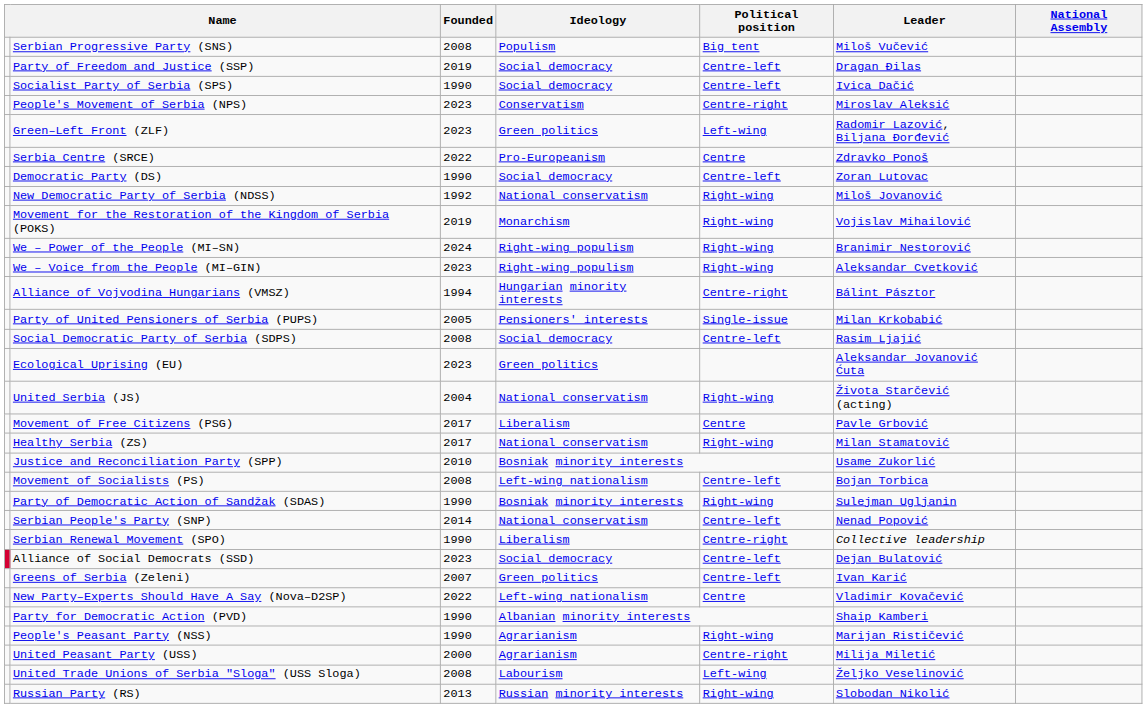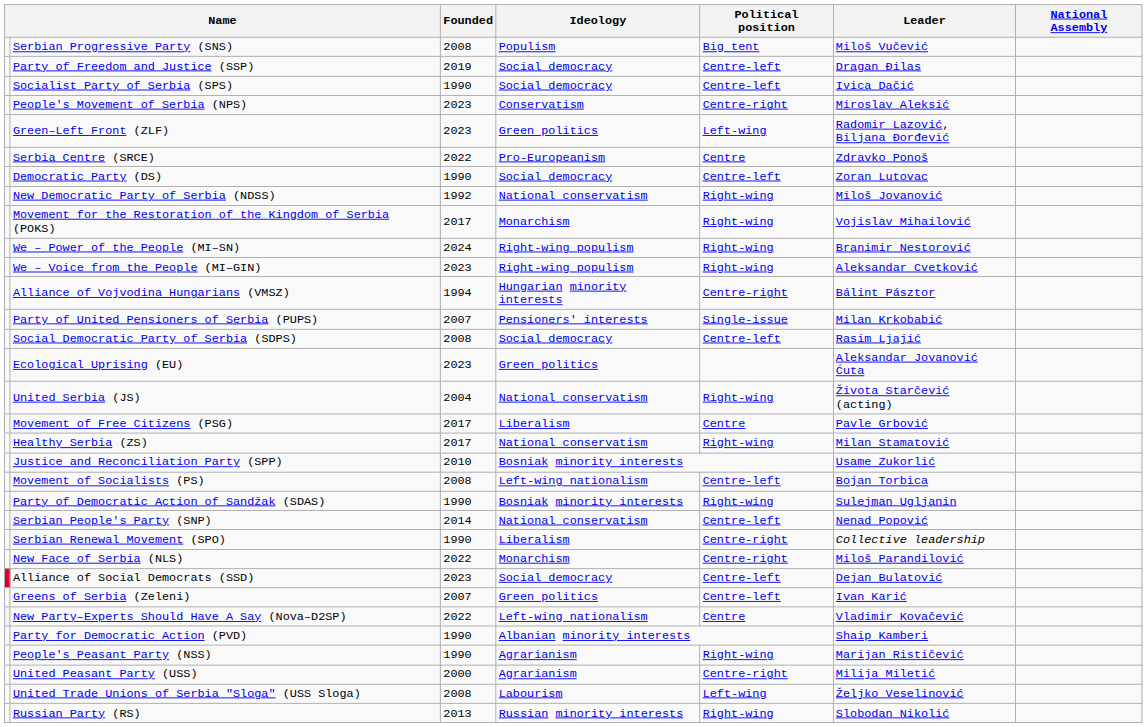 <table class="wikitable" style="text-align:left">
 <tr>
 <th colspan="2">Name</th>
 <th>Founded</th>
 <th>Ideology</th>
 <th>Political position</th>
 <th>Leader</th>
 <th><a href='#'>National Assembly</a></th>
 </tr>
 <tr>
 <td style="background:"></td>
 <td><a href='#'>Serbian Progressive Party</a> (SNS)</td>
 <td>2008</td>
 <td><a href='#'>Populism</a></td>
 <td><a href='#'>Big tent</a></td>
 <td><a href='#'>Miloš Vučević</a></td>
 <td></td>
 </tr>
 <tr>
 <td style="background:"></td>
 <td><a href='#'>Party of Freedom and Justice</a> (SSP)</td>
 <td>2019</td>
 <td><a href='#'>Social democracy</a></td>
 <td><a href='#'>Centre-left</a></td>
 <td><a href='#'>Dragan Đilas</a></td>
 <td></td>
 </tr>
 <tr>
 <td style="background:"></td>
 <td><a href='#'>Socialist Party of Serbia</a> (SPS)</td>
 <td>1990</td>
 <td><a href='#'>Social democracy</a></td>
 <td><a href='#'>Centre-left</a></td>
 <td><a href='#'>Ivica Dačić</a></td>
 <td></td>
 </tr>
 <tr>
 <td style="background:"></td>
 <td><a href='#'>People's Movement of Serbia</a> (NPS)</td>
 <td>2023</td>
 <td><a href='#'>Conservatism</a></td>
 <td><a href='#'>Centre-right</a></td>
 <td><a href='#'>Miroslav Aleksić</a></td>
 <td></td>
 </tr>
 <tr>
 <td style="background:"></td>
 <td><a href='#'>Green–Left Front</a> (ZLF)</td>
 <td>2023</td>
 <td><a href='#'>Green politics</a></td>
 <td><a href='#'>Left-wing</a></td>
 <td><a href='#'>Radomir Lazović</a>,<br><a href='#'>Biljana Đorđević</a></td>
 <td></td>
 </tr>
 <tr>
 <td style="background:"></td>
 <td><a href='#'>Serbia Centre</a> (SRCE)</td>
 <td>2022</td>
 <td><a href='#'>Pro-Europeanism</a></td>
 <td><a href='#'>Centre</a></td>
 <td><a href='#'>Zdravko Ponoš</a></td>
 <td></td>
 </tr>
 <tr>
 <td style="background:"></td>
 <td><a href='#'>Democratic Party</a> (DS)</td>
 <td>1990</td>
 <td><a href='#'>Social democracy</a></td>
 <td><a href='#'>Centre-left</a></td>
 <td><a href='#'>Zoran Lutovac</a></td>
 <td></td>
 </tr>
 <tr>
 <td style="background:"></td>
 <td><a href='#'>New Democratic Party of Serbia</a> (NDSS)</td>
 <td>1992</td>
 <td><a href='#'>National conservatism</a></td>
 <td><a href='#'>Right-wing</a></td>
 <td><a href='#'>Miloš Jovanović</a></td>
 <td></td>
 </tr>
 <tr>
 <td style="background:"></td>
 <td><a href='#'>Movement for the Restoration of the Kingdom of Serbia</a> (POKS)</td>
-<td>2019</td>
+<td>2017</td>
 <td><a href='#'>Monarchism</a></td>
 <td><a href='#'>Right-wing</a></td>
 <td><a href='#'>Vojislav Mihailović</a></td>
 <td></td>
 </tr>
 <tr>
 <td style="background:"></td>
 <td><a href='#'>We – Power of the People</a> (MI–SN)</td>
 <td>2024</td>
 <td><a href='#'>Right-wing populism</a></td>
 <td><a href='#'>Right-wing</a></td>
 <td><a href='#'>Branimir Nestorović</a></td>
 <td></td>
 </tr>
 <tr>
 <td style="background:"></td>
 <td><a href='#'>We – Voice from the People</a> (MI–GIN)</td>
 <td>2023</td>
 <td><a href='#'>Right-wing populism</a></td>
 <td><a href='#'>Right-wing</a></td>
 <td><a href='#'>Aleksandar Cvetković</a></td>
 <td></td>
 </tr>
 <tr>
 <td style="background:"></td>
 <td><a href='#'>Alliance of Vojvodina Hungarians</a> (VMSZ)</td>
 <td>1994</td>
 <td><a href='#'>Hungarian</a> <a href='#'>minority interests</a></td>
 <td><a href='#'>Centre-right</a></td>
 <td><a href='#'>Bálint Pásztor</a></td>
 <td></td>
 </tr>
 <tr>
 <td style="background:"></td>
 <td><a href='#'>Party of United Pensioners of Serbia</a> (PUPS)</td>
-<td>2005</td>
+<td>2007</td>
 <td><a href='#'>Pensioners' interests</a></td>
 <td><a href='#'>Single-issue</a></td>
 <td><a href='#'>Milan Krkobabić</a></td>
 <td></td>
 </tr>
 <tr>
 <td style="background:"></td>
 <td><a href='#'>Social Democratic Party of Serbia</a> (SDPS)</td>
 <td>2008</td>
 <td><a href='#'>Social democracy</a></td>
 <td><a href='#'>Centre-left</a></td>
 <td><a href='#'>Rasim Ljajić</a></td>
 <td></td>
 </tr>
 <tr>
 <td style="background:"></td>
 <td><a href='#'>Ecological Uprising</a> (EU)</td>
 <td>2023</td>
 <td><a href='#'>Green politics</a></td>
 <td></td>
 <td><a href='#'>Aleksandar Jovanović Ćuta</a></td>
 <td></td>
 </tr>
 <tr>
 <td style="background:"></td>
 <td><a href='#'>United Serbia</a> (JS)</td>
 <td>2004</td>
 <td><a href='#'>National conservatism</a></td>
 <td><a href='#'>Right-wing</a></td>
 <td><a href='#'>Života Starčević</a> (acting)</td>
 <td></td>
 </tr>
 <tr>
 <td style="background:"></td>
 <td><a href='#'>Movement of Free Citizens</a> (PSG)</td>
 <td>2017</td>
 <td><a href='#'>Liberalism</a></td>
 <td><a href='#'>Centre</a></td>
 <td><a href='#'>Pavle Grbović</a></td>
 <td></td>
 </tr>
 <tr>
 <td style="background:"></td>
 <td><a href='#'>Healthy Serbia</a> (ZS)</td>
 <td>2017</td>
 <td><a href='#'>National conservatism</a></td>
 <td><a href='#'>Right-wing</a></td>
 <td><a href='#'>Milan Stamatović</a></td>
 <td></td>
 </tr>
 <tr>
 <td style="background:"></td>
 <td><a href='#'>Justice and Reconciliation Party</a> (SPP)</td>
 <td>2010</td>
 <td colspan="2"><a href='#'>Bosniak</a> <a href='#'>minority interests</a></td>
 <td><a href='#'>Usame Zukorlić</a></td>
 <td></td>
 </tr>
 <tr>
 <td style="background:"></td>
 <td><a href='#'>Movement of Socialists</a> (PS)</td>
 <td>2008</td>
 <td><a href='#'>Left-wing nationalism</a></td>
 <td><a href='#'>Centre-left</a></td>
 <td><a href='#'>Bojan Torbica</a></td>
 <td></td>
 </tr>
 <tr>
 <td style="background:"></td>
 <td><a href='#'>Party of Democratic Action of Sandžak</a> (SDAS)</td>
 <td>1990</td>
 <td><a href='#'>Bosniak</a> <a href='#'>minority interests</a></td>
 <td><a href='#'>Right-wing</a></td>
 <td><a href='#'>Sulejman Ugljanin</a></td>
 <td></td>
 </tr>
 <tr>
 <td style="background:"></td>
 <td><a href='#'>Serbian People's Party</a> (SNP)</td>
 <td>2014</td>
 <td><a href='#'>National conservatism</a></td>
 <td><a href='#'>Centre-left</a></td>
 <td><a href='#'>Nenad Popović</a></td>
 <td></td>
 </tr>
 <tr>
 <td style="background:"></td>
 <td><a href='#'>Serbian Renewal Movement</a> (SPO)</td>
 <td>1990</td>
 <td><a href='#'>Liberalism</a></td>
 <td><a href='#'>Centre-right</a></td>
 <td><em>Collective leadership</em></td>
 <td></td>
 </tr>
 <tr>
+<td style="background:"></td>
+<td><a href='#'>New Face of Serbia</a> (NLS)</td>
+<td>2022</td>
+<td><a href='#'>Monarchism</a></td>
+<td><a href='#'>Centre-right</a></td>
+<td><a href='#'>Miloš Parandilović</a></td>
+<td></td>
+</tr>
+<tr>
 <td style="background:#D40033"></td>
 <td>Alliance of Social Democrats (SSD)</td>
 <td>2023</td>
 <td><a href='#'>Social democracy</a></td>
 <td><a href='#'>Centre-left</a></td>
 <td><a href='#'>Dejan Bulatović</a></td>
 <td></td>
 </tr>
 <tr>
 <td style="background:"></td>
 <td><a href='#'>Greens of Serbia</a> (Zeleni)</td>
 <td>2007</td>
 <td><a href='#'>Green politics</a></td>
 <td><a href='#'>Centre-left</a></td>
 <td><a href='#'>Ivan Karić</a></td>
 <td></td>
 </tr>
 <tr>
 <th style="background:"></th>
 <td><a href='#'>New Party–Experts Should Have A Say</a> (Nova–D2SP)</td>
 <td>2022</td>
 <td><a href='#'>Left-wing nationalism</a></td>
 <td><a href='#'>Centre</a></td>
 <td><a href='#'>Vladimir Kovačević</a></td>
 <td></td>
 </tr>
 <tr>
 <td style="background:"></td>
 <td><a href='#'>Party for Democratic Action</a> (PVD)</td>
 <td>1990</td>
 <td colspan="2"><a href='#'>Albanian</a> <a href='#'>minority interests</a></td>
 <td><a href='#'>Shaip Kamberi</a></td>
 <td></td>
 </tr>
 <tr>
 <td style="background:"></td>
 <td><a href='#'>People's Peasant Party</a> (NSS)</td>
 <td>1990</td>
 <td><a href='#'>Agrarianism</a></td>
 <td><a href='#'>Right-wing</a></td>
 <td><a href='#'>Marijan Rističević</a></td>
 <td></td>
 </tr>
 <tr>
 <td style="background:"></td>
 <td><a href='#'>United Peasant Party</a> (USS)</td>
 <td>2000</td>
 <td><a href='#'>Agrarianism</a></td>
 <td><a href='#'>Centre-right</a></td>
 <td><a href='#'>Milija Miletić</a></td>
 <td></td>
 </tr>
 <tr>
 <td style="background:"></td>
 <td><a href='#'>United Trade Unions of Serbia "Sloga"</a> (USS Sloga)</td>
 <td>2008</td>
 <td><a href='#'>Labourism</a></td>
 <td><a href='#'>Left-wing</a></td>
 <td><a href='#'>Željko Veselinović</a></td>
 <td></td>
 </tr>
 <tr>
 <td style="background:"></td>
 <td><a href='#'>Russian Party</a> (RS)</td>
 <td>2013</td>
 <td><a href='#'>Russian</a> <a href='#'>minority interests</a></td>
 <td><a href='#'>Right-wing</a></td>
 <td><a href='#'>Slobodan Nikolić</a></td>
 <td></td>
 </tr>
 </table>
